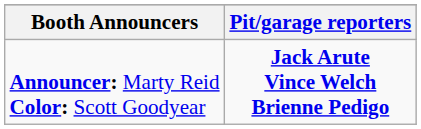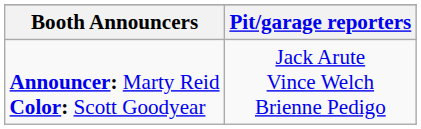 <table class="wikitable" style="font-size: 95%;">
 <tr>
 </tr>
 <tr>
 <th>Booth Announcers</th>
 <th><a href='#'>Pit/garage reporters</a></th>
 </tr>
 <tr>
 <td valign="top"><br><strong><a href='#'>Announcer</a>:</strong> <a href='#'>Marty Reid</a><br> <strong><a href='#'>Color</a>:</strong> <a href='#'>Scott Goodyear</a><br></td>
-<td align="center" valign="top"><strong><a href='#'>Jack Arute</a><br><a href='#'>Vince Welch</a><br><a href='#'>Brienne Pedigo</a></strong></td>
+<td align="center" valign="top"><a href='#'>Jack Arute</a><br><a href='#'>Vince Welch</a><br><a href='#'>Brienne Pedigo</a></td>
 </tr>
 </table>
